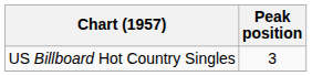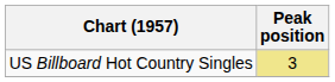 <table class="wikitable sortable">
 <tr>
 <th align="left">Chart (1957)</th>
 <th align="center">Peak<br>position</th>
 </tr>
 <tr>
 <td align="left">US <em>Billboard</em> Hot Country Singles</td>
-<td align="center">3</td>
+<td align="center" style="background: khaki;">3</td>
 </tr>
 <tr>
 </tr>
 </table>
